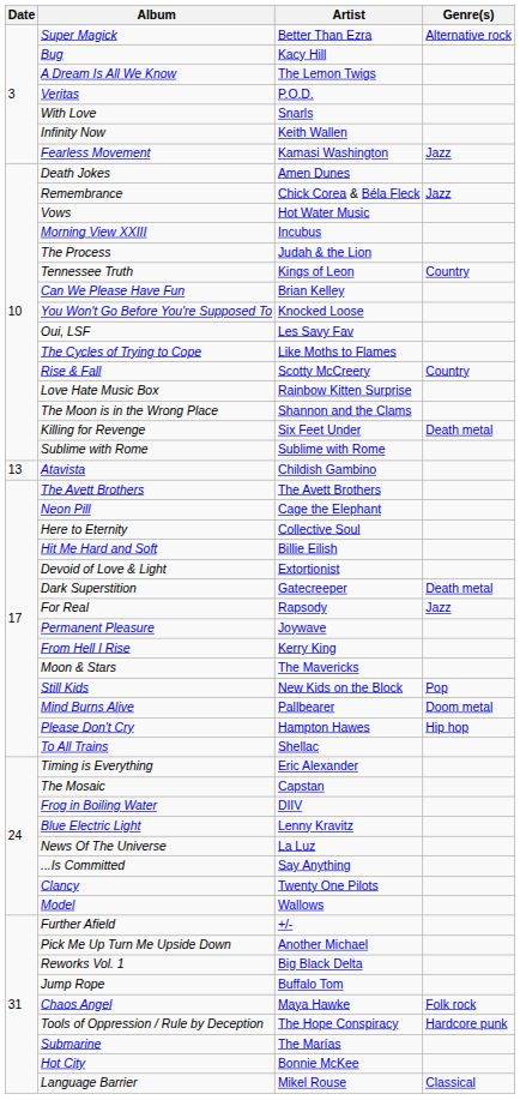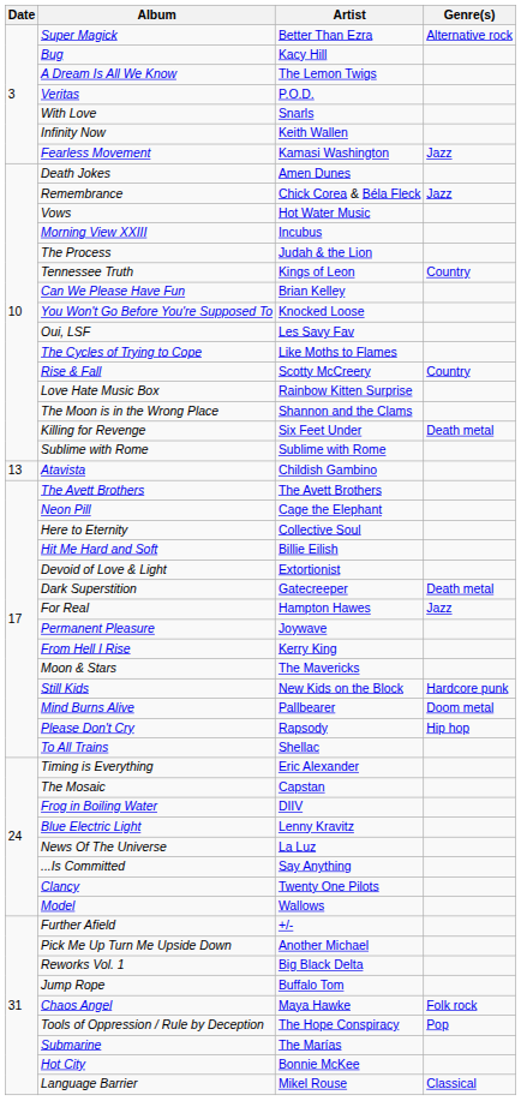 <table class="wikitable">
 <tr>
 <th>Date</th>
 <th>Album</th>
 <th>Artist</th>
 <th>Genre(s)</th>
 </tr>
 <tr>
 <td rowspan="7">3</td>
 <td><em><a href='#'>Super Magick</a></em></td>
 <td><a href='#'>Better Than Ezra</a></td>
 <td><a href='#'>Alternative rock</a></td>
 </tr>
 <tr>
 <td><em><a href='#'>Bug</a></em></td>
 <td><a href='#'>Kacy Hill</a></td>
 <td></td>
 </tr>
 <tr>
 <td><em><a href='#'>A Dream Is All We Know</a></em></td>
 <td><a href='#'>The Lemon Twigs</a></td>
 <td></td>
 </tr>
 <tr>
 <td><em><a href='#'>Veritas</a></em></td>
 <td><a href='#'>P.O.D.</a></td>
 <td></td>
 </tr>
 <tr>
 <td><em>With Love</em></td>
 <td><a href='#'>Snarls</a></td>
 <td></td>
 </tr>
 <tr>
 <td><em>Infinity Now</em></td>
 <td><a href='#'>Keith Wallen</a></td>
 <td></td>
 </tr>
 <tr>
 <td><em><a href='#'>Fearless Movement</a></em></td>
 <td><a href='#'>Kamasi Washington</a></td>
 <td><a href='#'>Jazz</a></td>
 </tr>
 <tr>
 <td rowspan="15">10</td>
 <td><em>Death Jokes</em></td>
 <td><a href='#'>Amen Dunes</a></td>
 <td></td>
 </tr>
 <tr>
 <td><em>Remembrance</em></td>
 <td><a href='#'>Chick Corea</a> & <a href='#'>Béla Fleck</a></td>
 <td><a href='#'>Jazz</a></td>
 </tr>
 <tr>
 <td><em>Vows</em></td>
 <td><a href='#'>Hot Water Music</a></td>
 <td></td>
 </tr>
 <tr>
 <td><em><a href='#'>Morning View XXIII</a></em></td>
 <td><a href='#'>Incubus</a></td>
 <td></td>
 </tr>
 <tr>
 <td><em>The Process</em></td>
 <td><a href='#'>Judah & the Lion</a></td>
 <td></td>
 </tr>
 <tr>
 <td><em>Tennessee Truth</em></td>
 <td><a href='#'>Kings of Leon</a></td>
 <td><a href='#'>Country</a></td>
 </tr>
 <tr>
 <td><em><a href='#'>Can We Please Have Fun</a></em></td>
 <td><a href='#'>Brian Kelley</a></td>
 <td></td>
 </tr>
 <tr>
 <td><em><a href='#'>You Won't Go Before You're Supposed To</a></em></td>
 <td><a href='#'>Knocked Loose</a></td>
 <td></td>
 </tr>
 <tr>
 <td><em>Oui, LSF</em></td>
 <td><a href='#'>Les Savy Fav</a></td>
 <td></td>
 </tr>
 <tr>
 <td><em><a href='#'>The Cycles of Trying to Cope</a></em></td>
 <td><a href='#'>Like Moths to Flames</a></td>
 <td></td>
 </tr>
 <tr>
 <td><em><a href='#'>Rise & Fall</a></em></td>
 <td><a href='#'>Scotty McCreery</a></td>
 <td><a href='#'>Country</a></td>
 </tr>
 <tr>
 <td><em>Love Hate Music Box</em></td>
 <td><a href='#'>Rainbow Kitten Surprise</a></td>
 <td></td>
 </tr>
 <tr>
 <td><em>The Moon is in the Wrong Place</em></td>
 <td><a href='#'>Shannon and the Clams</a></td>
 <td></td>
 </tr>
 <tr>
 <td><em>Killing for Revenge</em></td>
 <td><a href='#'>Six Feet Under</a></td>
 <td><a href='#'>Death metal</a></td>
 </tr>
 <tr>
 <td><em>Sublime with Rome</em></td>
 <td><a href='#'>Sublime with Rome</a></td>
 <td></td>
 </tr>
 <tr>
 <td>13</td>
 <td><em><a href='#'>Atavista</a></em></td>
 <td><a href='#'>Childish Gambino</a></td>
 <td></td>
 </tr>
 <tr>
 <td rowspan="14">17</td>
 <td><em><a href='#'>The Avett Brothers</a></em></td>
 <td><a href='#'>The Avett Brothers</a></td>
 <td></td>
 </tr>
 <tr>
 <td><em><a href='#'>Neon Pill</a></em></td>
 <td><a href='#'>Cage the Elephant</a></td>
 <td></td>
 </tr>
 <tr>
 <td><em>Here to Eternity</em></td>
 <td><a href='#'>Collective Soul</a></td>
 <td></td>
 </tr>
 <tr>
 <td><em><a href='#'>Hit Me Hard and Soft</a></em></td>
 <td><a href='#'>Billie Eilish</a></td>
 <td></td>
 </tr>
 <tr>
 <td><em>Devoid of Love & Light</em></td>
 <td><a href='#'>Extortionist</a></td>
 <td></td>
 </tr>
 <tr>
 <td><em>Dark Superstition</em></td>
 <td><a href='#'>Gatecreeper</a></td>
 <td><a href='#'>Death metal</a></td>
 </tr>
 <tr>
 <td><em>For Real</em></td>
-<td><a href='#'>Rapsody</a></td>
+<td><a href='#'>Hampton Hawes</a></td>
 <td><a href='#'>Jazz</a></td>
 </tr>
 <tr>
 <td><em><a href='#'>Permanent Pleasure</a></em></td>
 <td><a href='#'>Joywave</a></td>
 <td></td>
 </tr>
 <tr>
 <td><em><a href='#'>From Hell I Rise</a></em></td>
 <td><a href='#'>Kerry King</a></td>
 <td></td>
 </tr>
 <tr>
 <td><em>Moon & Stars</em></td>
 <td><a href='#'>The Mavericks</a></td>
 <td></td>
 </tr>
 <tr>
 <td><em><a href='#'>Still Kids</a></em></td>
 <td><a href='#'>New Kids on the Block</a></td>
-<td><a href='#'>Pop</a></td>
+<td><a href='#'>Hardcore punk</a></td>
 </tr>
 <tr>
 <td><em><a href='#'>Mind Burns Alive</a></em></td>
 <td><a href='#'>Pallbearer</a></td>
 <td><a href='#'>Doom metal</a></td>
 </tr>
 <tr>
 <td><em><a href='#'>Please Don't Cry</a></em></td>
-<td><a href='#'>Hampton Hawes</a></td>
+<td><a href='#'>Rapsody</a></td>
 <td><a href='#'>Hip hop</a></td>
 </tr>
 <tr>
 <td><em><a href='#'>To All Trains</a></em></td>
 <td><a href='#'>Shellac</a></td>
 <td></td>
 </tr>
 <tr>
 <td rowspan="8">24</td>
 <td><em>Timing is Everything</em></td>
 <td><a href='#'>Eric Alexander</a></td>
 <td></td>
 </tr>
 <tr>
 <td><em>The Mosaic</em></td>
 <td><a href='#'>Capstan</a></td>
 <td></td>
 </tr>
 <tr>
 <td><em><a href='#'>Frog in Boiling Water</a></em></td>
 <td><a href='#'>DIIV</a></td>
 <td></td>
 </tr>
 <tr>
 <td><em><a href='#'>Blue Electric Light</a></em></td>
 <td><a href='#'>Lenny Kravitz</a></td>
 <td></td>
 </tr>
 <tr>
 <td><em>News Of The Universe</em></td>
 <td><a href='#'>La Luz</a></td>
 <td></td>
 </tr>
 <tr>
 <td><em>...Is Committed</em></td>
 <td><a href='#'>Say Anything</a></td>
 <td></td>
 </tr>
 <tr>
 <td><em><a href='#'>Clancy</a></em></td>
 <td><a href='#'>Twenty One Pilots</a></td>
 <td></td>
 </tr>
 <tr>
 <td><em><a href='#'>Model</a></em></td>
 <td><a href='#'>Wallows</a></td>
 <td></td>
 </tr>
 <tr>
 <td rowspan="9">31</td>
 <td><em>Further Afield</em></td>
 <td><a href='#'>+/-</a></td>
 <td></td>
 </tr>
 <tr>
 <td><em>Pick Me Up Turn Me Upside Down</em></td>
 <td><a href='#'>Another Michael</a></td>
 <td></td>
 </tr>
 <tr>
 <td><em>Reworks Vol. 1</em></td>
 <td><a href='#'>Big Black Delta</a></td>
 <td></td>
 </tr>
 <tr>
 <td><em>Jump Rope</em></td>
 <td><a href='#'>Buffalo Tom</a></td>
 <td></td>
 </tr>
 <tr>
 <td><em><a href='#'>Chaos Angel</a></em></td>
 <td><a href='#'>Maya Hawke</a></td>
 <td><a href='#'>Folk rock</a></td>
 </tr>
 <tr>
 <td><em>Tools of Oppression / Rule by Deception</em></td>
 <td><a href='#'>The Hope Conspiracy</a></td>
-<td><a href='#'>Hardcore punk</a></td>
+<td><a href='#'>Pop</a></td>
 </tr>
 <tr>
 <td><em><a href='#'>Submarine</a></em></td>
 <td><a href='#'>The Marías</a></td>
 <td></td>
 </tr>
 <tr>
 <td><em><a href='#'>Hot City</a></em></td>
 <td><a href='#'>Bonnie McKee</a></td>
 <td></td>
 </tr>
 <tr>
 <td><em>Language Barrier</em></td>
 <td><a href='#'>Mikel Rouse</a></td>
 <td><a href='#'>Classical</a></td>
 </tr>
 </table>
